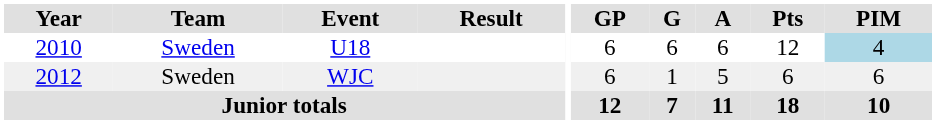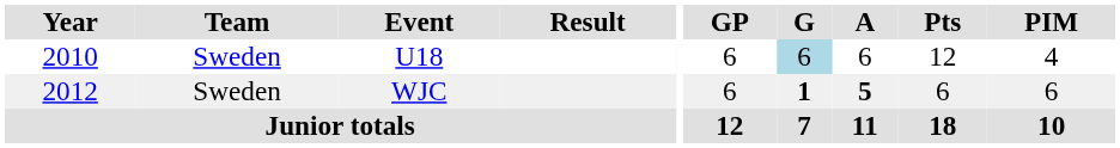 <table border="0" cellpadding="1" cellspacing="0" ID="Table3" style="text-align:center; width:40em">
 <tr ALIGN="center" bgcolor="#e0e0e0">
 <th>Year</th>
 <th>Team</th>
 <th>Event</th>
 <th>Result</th>
 <th rowspan="99" bgcolor="#ffffff"></th>
 <th>GP</th>
 <th>G</th>
 <th>A</th>
 <th>Pts</th>
 <th>PIM</th>
 </tr>
 <tr ALIGN="center">
 <td><a href='#'>2010</a></td>
 <td><a href='#'>Sweden</a></td>
 <td><a href='#'>U18</a></td>
 <td></td>
 <td>6</td>
-<td>6</td>
+<td style="background: lightblue;">6</td>
 <td>6</td>
 <td>12</td>
-<td style="background: lightblue;">4</td>
+<td>4</td>
 </tr>
 <tr ALIGN="center"  bgcolor="#f0f0f0">
 <td><a href='#'>2012</a></td>
 <td>Sweden</td>
 <td><a href='#'>WJC</a></td>
 <td></td>
 <td>6</td>
-<td>1</td>
-<td>5</td>
+<td><strong>1</strong></td>
+<td><strong>5</strong></td>
 <td>6</td>
 <td>6</td>
 </tr>
 <tr bgcolor="#e0e0e0">
 <th colspan="4">Junior totals</th>
 <th>12</th>
 <th>7</th>
 <th>11</th>
 <th>18</th>
 <th>10</th>
 </tr>
 </table>
